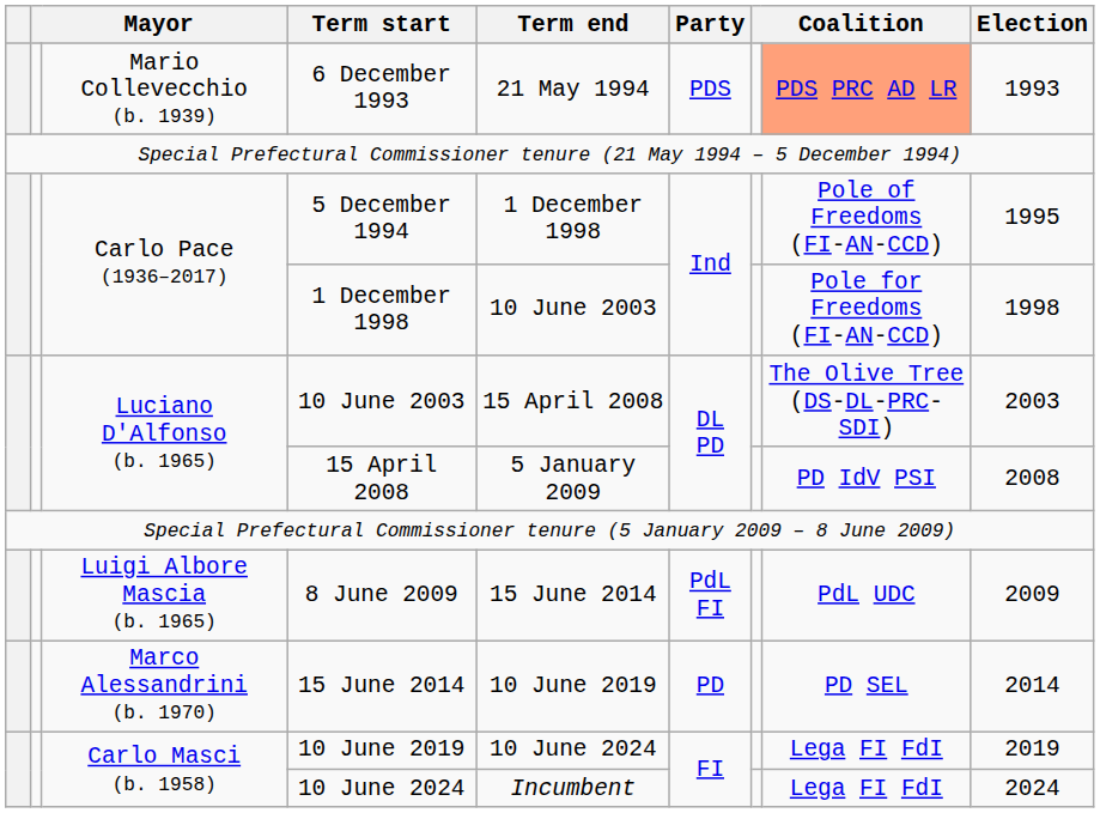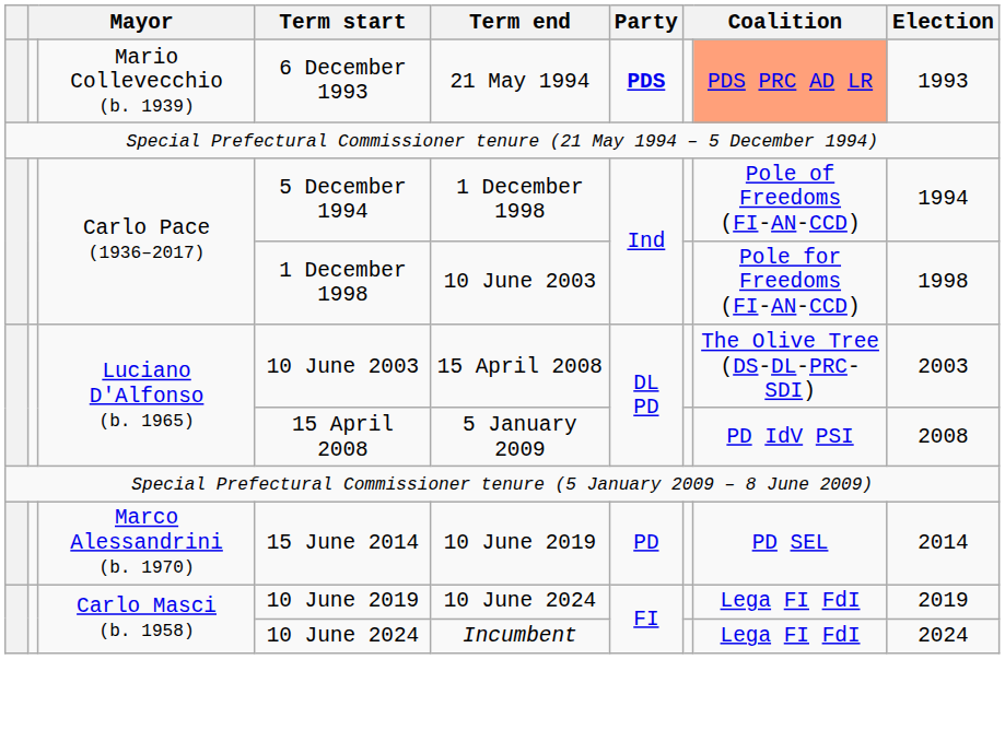 <table class="wikitable" style="text-align: center;">
 <tr>
 <th class=unsortable> </th>
 <th colspan=2>Mayor</th>
 <th>Term start</th>
 <th>Term end</th>
 <th>Party</th>
 <th colspan="2">Coalition</th>
 <th>Election</th>
 </tr>
 <tr>
 <th style="background:"></th>
 <td></td>
 <td>Mario Collevecchio <br><small>(b. 1939)</small></td>
 <td>6 December 1993</td>
 <td>21 May 1994</td>
-<td><a href='#'>PDS</a></td>
+<td><strong><a href='#'>PDS</a></strong></td>
 <td style="background: "></td>
 <td style="background: lightsalmon;"><a href='#'>PDS</a>  <a href='#'>PRC</a>  <a href='#'>AD</a>  <a href='#'>LR</a></td>
 <td>1993</td>
 </tr>
 <tr>
 <td colspan=9 align=center><small><em>Special Prefectural Commissioner tenure (21 May 1994 – 5 December 1994)</em></small></td>
 </tr>
 <tr>
 <th rowspan=2 style="background:"></th>
 <td rowspan=2></td>
 <td rowspan=2>Carlo Pace <br><small>(1936–2017)</small></td>
 <td>5 December 1994</td>
 <td>1 December 1998</td>
 <td rowspan=2><a href='#'>Ind</a></td>
 <td style="background: "></td>
 <td><a href='#'>Pole of Freedoms</a><br>(<a href='#'>FI</a>-<a href='#'>AN</a>-<a href='#'>CCD</a>)</td>
-<td>1995</td>
+<td>1994</td>
 </tr>
 <tr>
 <td>1 December 1998</td>
 <td>10 June 2003</td>
 <td style="background: "></td>
 <td><a href='#'>Pole for Freedoms</a><br>(<a href='#'>FI</a>-<a href='#'>AN</a>-<a href='#'>CCD</a>)</td>
 <td>1998</td>
 </tr>
 <tr>
 <th rowspan=2 style="background:"></th>
 <td rowspan=2></td>
 <td rowspan=2><a href='#'>Luciano D'Alfonso</a> <br><small>(b. 1965)</small></td>
 <td>10 June 2003</td>
 <td>15 April 2008</td>
 <td rowspan=2><a href='#'>DL</a><br><a href='#'>PD</a></td>
 <td style="background: "></td>
 <td><a href='#'>The Olive Tree</a><br>(<a href='#'>DS</a>-<a href='#'>DL</a>-<a href='#'>PRC</a>-<a href='#'>SDI</a>)</td>
 <td>2003</td>
 </tr>
 <tr>
 <td>15 April 2008</td>
 <td>5 January 2009</td>
 <td style="background: "></td>
 <td><a href='#'>PD</a>  <a href='#'>IdV</a>  <a href='#'>PSI</a></td>
 <td>2008</td>
 </tr>
 <tr>
 <td colspan=9 align=center><small><em>Special Prefectural Commissioner tenure (5 January 2009 – 8 June 2009)</em></small></td>
 </tr>
 <tr>
 <th style="background:"></th>
 <td></td>
-<td><a href='#'>Luigi Albore Mascia</a> <br><small>(b. 1965)</small></td>
-<td>8 June 2009</td>
-<td>15 June 2014</td>
-<td><a href='#'>PdL</a><br><a href='#'>FI</a></td>
-<td style="background: "></td>
-<td><a href='#'>PdL</a>  <a href='#'>UDC</a></td>
-<td>2009</td>
-</tr>
-<tr>
-<th style="background:"></th>
-<td></td>
 <td><a href='#'>Marco Alessandrini</a> <br><small>(b. 1970)</small></td>
 <td>15 June 2014</td>
 <td>10 June 2019</td>
 <td><a href='#'>PD</a></td>
 <td style="background: "></td>
 <td><a href='#'>PD</a>  <a href='#'>SEL</a></td>
 <td>2014</td>
 </tr>
 <tr>
 <th rowspan=2 style="background:"></th>
 <td rowspan=2></td>
 <td rowspan=2><a href='#'>Carlo Masci</a> <br><small>(b. 1958)</small></td>
 <td>10 June 2019</td>
 <td>10 June 2024</td>
 <td rowspan=2><a href='#'>FI</a></td>
 <td style="background: "></td>
 <td><a href='#'>Lega</a>  <a href='#'>FI</a>  <a href='#'>FdI</a></td>
 <td>2019</td>
 </tr>
 <tr>
 <td>10 June 2024</td>
 <td><em>Incumbent</em></td>
 <td style="background: "></td>
 <td><a href='#'>Lega</a>  <a href='#'>FI</a>  <a href='#'>FdI</a></td>
 <td>2024</td>
 </tr>
 </table>
